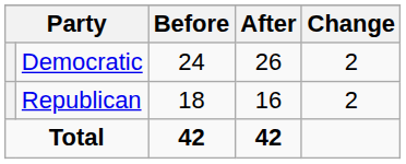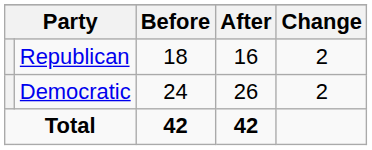 <table class="wikitable" style="text-align:center;">
 <tr>
 </tr>
 <tr>
 <th colspan=2>Party</th>
 <th>Before</th>
 <th>After</th>
 <th>Change</th>
 </tr>
 <tr>
 <th style="background-color:"></th>
-<td style="text-align:left;"><a href='#'>Democratic</a></td>
-<td>24</td>
-<td>26</td>
+<td style="text-align:left;"><a href='#'>Republican</a></td>
+<td>18</td>
+<td>16</td>
 <td> 2</td>
 </tr>
 <tr>
 <th style="background-color:"></th>
-<td style="text-align:left;"><a href='#'>Republican</a></td>
-<td>18</td>
-<td>16</td>
+<td style="text-align:left;"><a href='#'>Democratic</a></td>
+<td>24</td>
+<td>26</td>
 <td> 2</td>
 </tr>
 <tr>
 <td colspan=2><strong>Total</strong></td>
 <td><strong>42</strong></td>
 <td><strong>42</strong></td>
 <td></td>
 </tr>
 </table>
